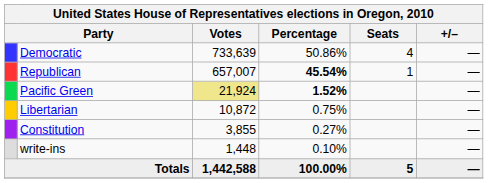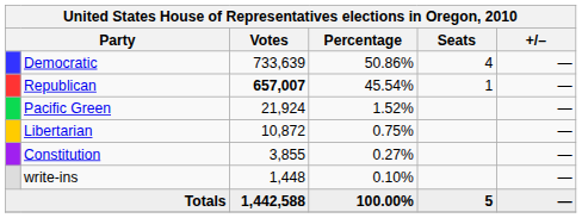 <table class="wikitable" style="font-size: 95%;">
 <tr>
 <th colspan="6">United States House of Representatives elections in Oregon, 2010</th>
 </tr>
 <tr>
 <th colspan=2 style="width: 15em">Party</th>
 <th style="width: 5em">Votes</th>
 <th style="width: 7em">Percentage</th>
 <th style="width: 5em">Seats</th>
 <th style="width: 5em">+/–</th>
 </tr>
 <tr>
 <th style="background-color:#3333FF; width: 3px"></th>
 <td style="width: 130px"><a href='#'>Democratic</a></td>
 <td align="right">733,639</td>
 <td align="right">50.86%</td>
 <td align="right">4</td>
 <td align="right">—</td>
 </tr>
 <tr>
 <th style="background-color:#FF3333; width: 3px"></th>
 <td style="width: 130px"><a href='#'>Republican</a></td>
-<td align="right">657,007</td>
-<td align="right"><strong>45.54%</strong></td>
+<td align="right"><strong>657,007</strong></td>
+<td align="right">45.54%</td>
 <td align="right">1</td>
 <td align="right">—</td>
 </tr>
 <tr>
 <th style="background-color:#0BDA51; width: 3px"></th>
 <td style="width: 130px"><a href='#'>Pacific Green</a></td>
-<td align="right" style="background: khaki;">21,924</td>
-<td align="right"><strong>1.52%</strong></td>
+<td align="right">21,924</td>
+<td align="right">1.52%</td>
 <td align="right"></td>
 <td align="right">—</td>
 </tr>
 <tr>
 <th style="background-color:#FFCC00; width: 3px"></th>
 <td style="width: 130px"><a href='#'>Libertarian</a></td>
 <td align="right">10,872</td>
 <td align="right">0.75%</td>
 <td align="right"></td>
 <td align="right">—</td>
 </tr>
 <tr>
 <th style="background-color:#A020F0; width: 3px"></th>
 <td style="width: 130px"><a href='#'>Constitution</a></td>
 <td align="right">3,855</td>
 <td align="right">0.27%</td>
 <td align="right"></td>
 <td align="right">—</td>
 </tr>
 <tr>
 <th style="background-color:#DDDDDD; width: 3px"></th>
 <td style="width: 130px">write-ins</td>
 <td align="right">1,448</td>
 <td align="right">0.10%</td>
 <td align="right"></td>
 <td align="right">—</td>
 </tr>
 <tr bgcolor="#EEEEEE">
 <td colspan="2" align="right"><strong>Totals</strong></td>
 <td align="right"><strong>1,442,588</strong></td>
 <td align="right"><strong>100.00%</strong></td>
 <td align="right"><strong>5</strong></td>
 <td align="right"><strong>—</strong></td>
 </tr>
 <tr bgcolor="#EEEEEE">
 </tr>
 </table>
